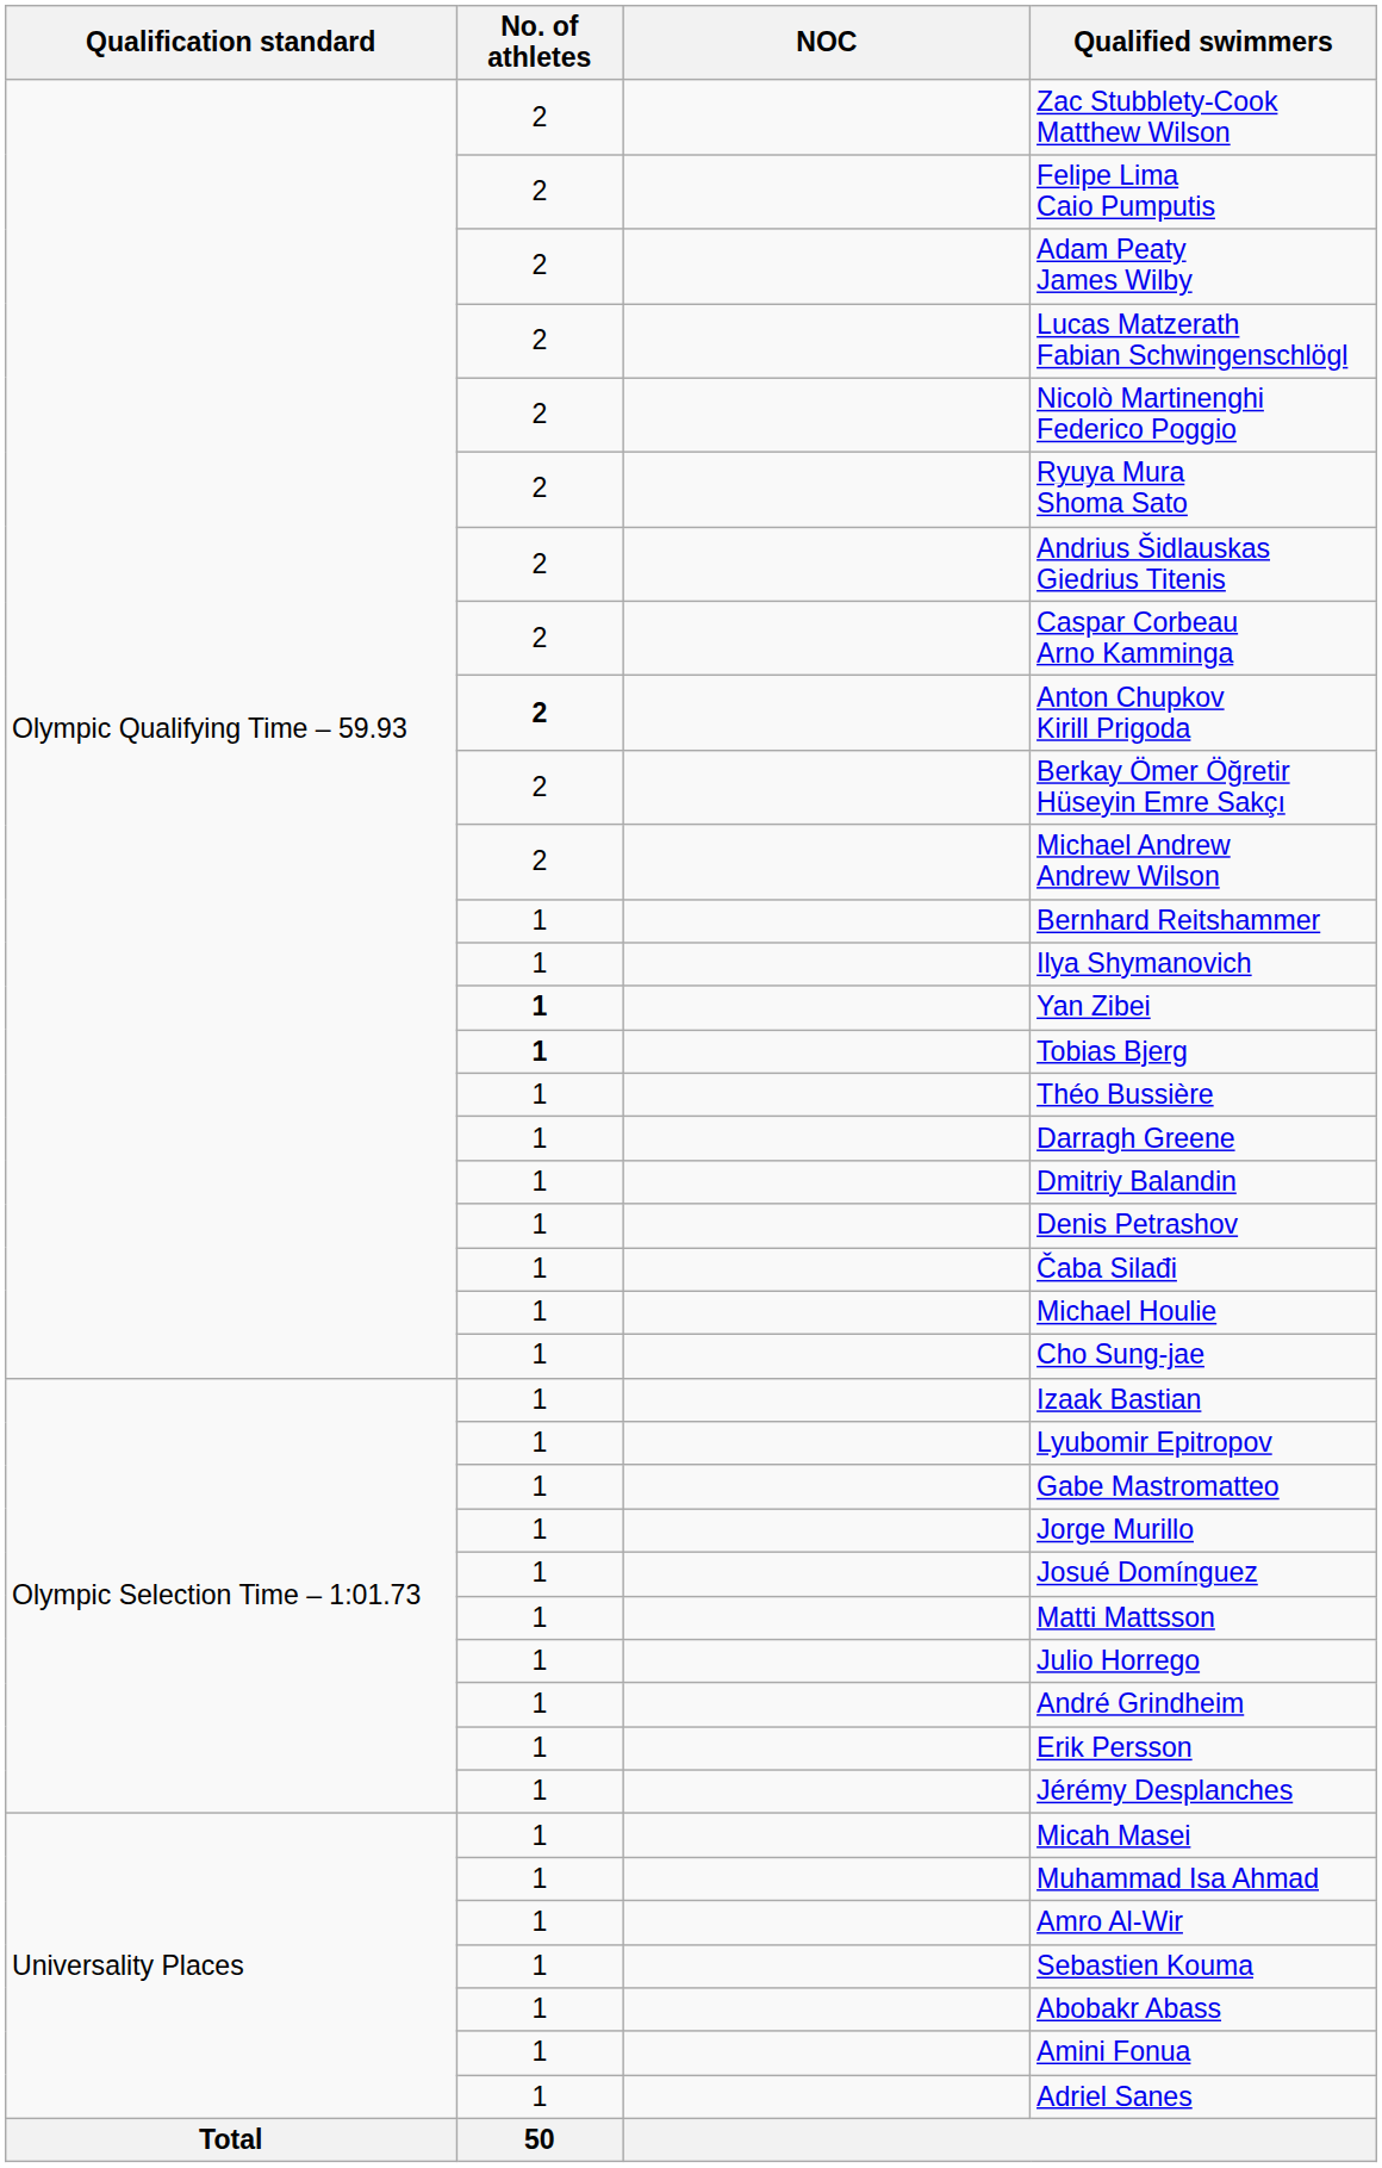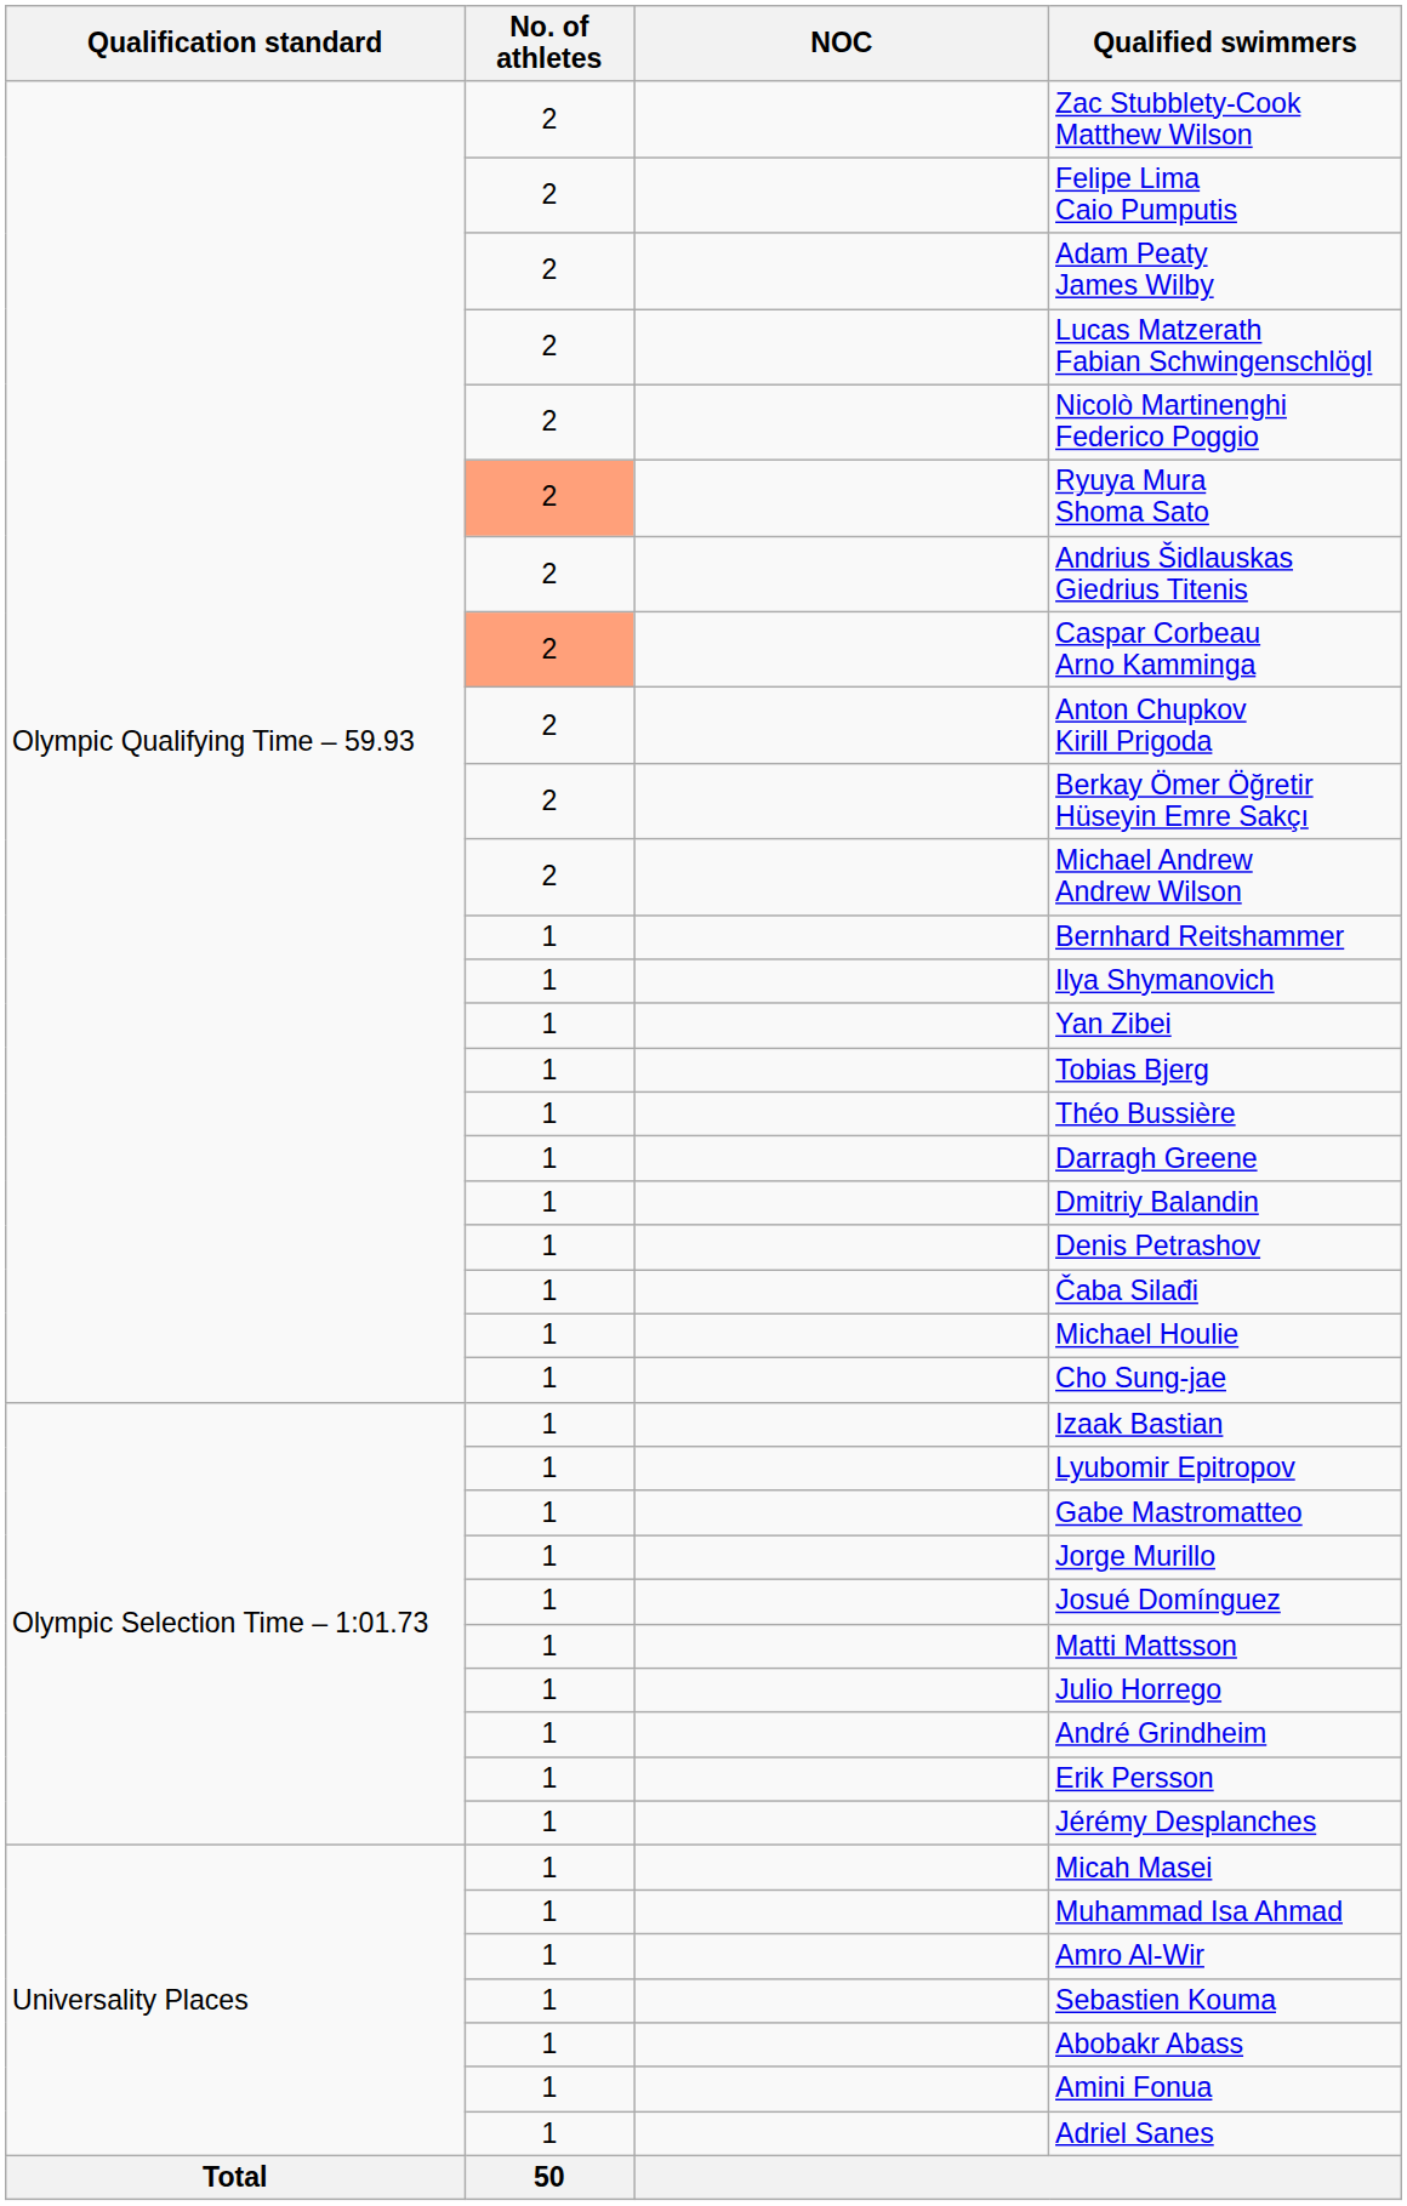 <table class=wikitable style="text-align:left" width=800>
 <tr>
 <th>Qualification standard</th>
 <th width=90>No. of athletes</th>
 <th width=230>NOC</th>
 <th>Qualified swimmers</th>
 </tr>
 <tr>
 <td rowspan="22">Olympic Qualifying Time – 59.93</td>
 <td align=center>2</td>
 <td></td>
 <td><a href='#'>Zac Stubblety-Cook</a><br><a href='#'>Matthew Wilson</a></td>
 </tr>
 <tr>
 <td align=center>2</td>
 <td></td>
 <td><a href='#'>Felipe Lima</a><br><a href='#'>Caio Pumputis</a></td>
 </tr>
 <tr>
 <td align=center>2</td>
 <td></td>
 <td><a href='#'>Adam Peaty</a><br><a href='#'>James Wilby</a></td>
 </tr>
 <tr>
 <td align=center>2</td>
 <td></td>
 <td><a href='#'>Lucas Matzerath</a><br><a href='#'>Fabian Schwingenschlögl</a></td>
 </tr>
 <tr>
 <td align=center>2</td>
 <td></td>
 <td><a href='#'>Nicolò Martinenghi</a><br><a href='#'>Federico Poggio</a></td>
 </tr>
 <tr>
-<td align=center>2</td>
+<td align=center style="background: lightsalmon;">2</td>
 <td></td>
 <td><a href='#'>Ryuya Mura</a><br><a href='#'>Shoma Sato</a></td>
 </tr>
 <tr>
 <td align=center>2</td>
 <td></td>
 <td><a href='#'>Andrius Šidlauskas</a><br><a href='#'>Giedrius Titenis</a></td>
 </tr>
 <tr>
-<td align=center>2</td>
+<td align=center style="background: lightsalmon;">2</td>
 <td></td>
 <td><a href='#'>Caspar Corbeau</a><br><a href='#'>Arno Kamminga</a></td>
 </tr>
 <tr>
-<td align=center><strong>2</strong></td>
+<td align=center>2</td>
 <td></td>
 <td><a href='#'>Anton Chupkov</a><br><a href='#'>Kirill Prigoda</a></td>
 </tr>
 <tr>
 <td align=center>2</td>
 <td></td>
 <td><a href='#'>Berkay Ömer Öğretir</a><br><a href='#'>Hüseyin Emre Sakçı</a></td>
 </tr>
 <tr>
 <td align=center>2</td>
 <td></td>
 <td><a href='#'>Michael Andrew</a><br><a href='#'>Andrew Wilson</a></td>
 </tr>
 <tr>
 <td align=center>1</td>
 <td></td>
 <td><a href='#'>Bernhard Reitshammer</a></td>
 </tr>
 <tr>
 <td align=center>1</td>
 <td></td>
 <td><a href='#'>Ilya Shymanovich</a></td>
 </tr>
 <tr>
-<td align=center><strong>1</strong></td>
+<td align=center>1</td>
 <td></td>
 <td><a href='#'>Yan Zibei</a></td>
 </tr>
 <tr>
-<td align=center><strong>1</strong></td>
+<td align=center>1</td>
 <td></td>
 <td><a href='#'>Tobias Bjerg</a></td>
 </tr>
 <tr>
 <td align=center>1</td>
 <td></td>
 <td><a href='#'>Théo Bussière</a></td>
 </tr>
 <tr>
 <td align=center>1</td>
 <td></td>
 <td><a href='#'>Darragh Greene</a></td>
 </tr>
 <tr>
 <td align=center>1</td>
 <td></td>
 <td><a href='#'>Dmitriy Balandin</a></td>
 </tr>
 <tr>
 <td align=center>1</td>
 <td></td>
 <td><a href='#'>Denis Petrashov</a></td>
 </tr>
 <tr>
 <td align=center>1</td>
 <td></td>
 <td><a href='#'>Čaba Silađi</a></td>
 </tr>
 <tr>
 <td align=center>1</td>
 <td></td>
 <td><a href='#'>Michael Houlie</a></td>
 </tr>
 <tr>
 <td align=center>1</td>
 <td></td>
 <td><a href='#'>Cho Sung-jae</a></td>
 </tr>
 <tr>
 <td rowspan=10>Olympic Selection Time – 1:01.73</td>
 <td align=center>1</td>
 <td></td>
 <td><a href='#'>Izaak Bastian</a></td>
 </tr>
 <tr>
 <td align=center>1</td>
 <td></td>
 <td><a href='#'>Lyubomir Epitropov</a></td>
 </tr>
 <tr>
 <td align=center>1</td>
 <td></td>
 <td><a href='#'>Gabe Mastromatteo</a></td>
 </tr>
 <tr>
 <td align=center>1</td>
 <td></td>
 <td><a href='#'>Jorge Murillo</a></td>
 </tr>
 <tr>
 <td align=center>1</td>
 <td></td>
 <td><a href='#'>Josué Domínguez</a></td>
 </tr>
 <tr>
 <td align=center>1</td>
 <td></td>
 <td><a href='#'>Matti Mattsson</a></td>
 </tr>
 <tr>
 <td align=center>1</td>
 <td></td>
 <td><a href='#'>Julio Horrego</a></td>
 </tr>
 <tr>
 <td align=center>1</td>
 <td></td>
 <td><a href='#'>André Grindheim</a></td>
 </tr>
 <tr>
 <td align=center>1</td>
 <td></td>
 <td><a href='#'>Erik Persson</a></td>
 </tr>
 <tr>
 <td align=center>1</td>
 <td></td>
 <td><a href='#'>Jérémy Desplanches</a></td>
 </tr>
 <tr>
 <td rowspan=7>Universality Places</td>
 <td align=center>1</td>
 <td></td>
 <td><a href='#'>Micah Masei</a></td>
 </tr>
 <tr>
 <td align=center>1</td>
 <td></td>
 <td><a href='#'>Muhammad Isa Ahmad</a></td>
 </tr>
 <tr>
 <td align=center>1</td>
 <td></td>
 <td><a href='#'>Amro Al-Wir</a></td>
 </tr>
 <tr>
 <td align=center>1</td>
 <td></td>
 <td><a href='#'>Sebastien Kouma</a></td>
 </tr>
 <tr>
 <td align=center>1</td>
 <td></td>
 <td><a href='#'>Abobakr Abass</a></td>
 </tr>
 <tr>
 <td align=center>1</td>
 <td></td>
 <td><a href='#'>Amini Fonua</a></td>
 </tr>
 <tr>
 <td align=center>1</td>
 <td></td>
 <td><a href='#'>Adriel Sanes</a></td>
 </tr>
 <tr>
 <th><strong>Total</strong></th>
 <th>50</th>
 <th colspan=2></th>
 </tr>
 </table>
